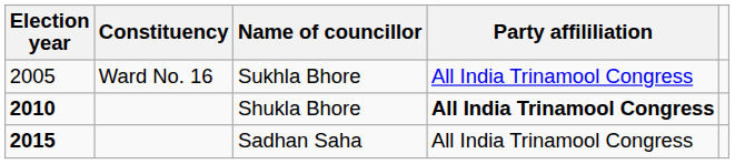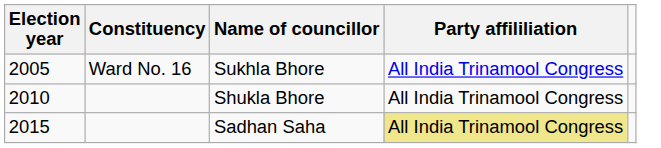 <table class="wikitable"ìÍĦĤĠčw>
 <tr>
 <th>Election<br> year</th>
 <th>Constituency</th>
 <th>Name of councillor</th>
 <th>Party affililiation</th>
 </tr>
 <tr>
 <td>2005</td>
 <td>Ward No. 16</td>
 <td>Sukhla Bhore</td>
 <td><a href='#'>All India Trinamool Congress</a></td>
 <td></td>
 </tr>
 <tr>
-<td><strong>2010</strong></td>
+<td>2010</td>
 <td></td>
 <td>Shukla Bhore</td>
-<td><strong>All India Trinamool Congress</strong></td>
+<td>All India Trinamool Congress</td>
 <td></td>
 </tr>
 <tr>
-<td><strong>2015</strong></td>
+<td>2015</td>
 <td></td>
 <td>Sadhan Saha</td>
-<td>All India Trinamool Congress</td>
+<td style="background: khaki;">All India Trinamool Congress</td>
 <td></td>
 </tr>
 </table>
